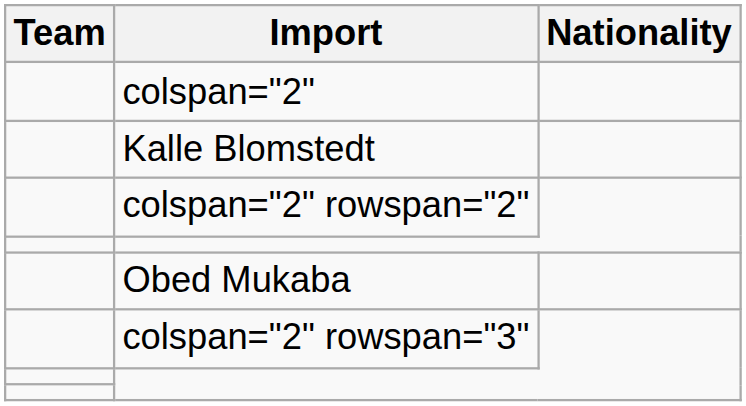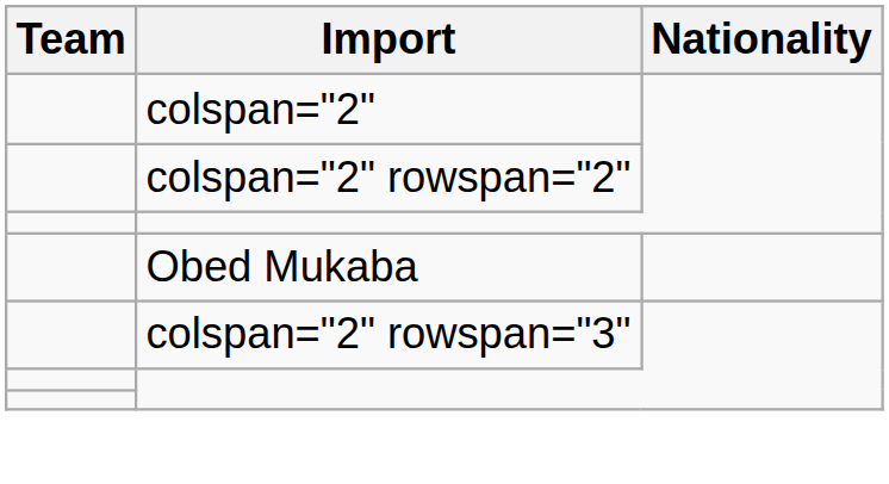 <table class="wikitable">
 <tr>
 <th>Team</th>
 <th>Import</th>
 <th>Nationality</th>
 </tr>
 <tr>
 <td></td>
 <td>colspan="2" </td>
-</tr>
-<tr>
-<td></td>
-<td>Kalle Blomstedt</td>
-<td></td>
 </tr>
 <tr>
 <td></td>
 <td>colspan="2" rowspan="2" </td>
 </tr>
 <tr>
 <td></td>
 </tr>
 <tr>
 <td></td>
 <td>Obed Mukaba</td>
 <td></td>
 </tr>
 <tr>
 <td></td>
 <td>colspan="2" rowspan="3" </td>
 </tr>
 <tr>
 <td></td>
 </tr>
 <tr>
 <td></td>
 </tr>
 </table>
